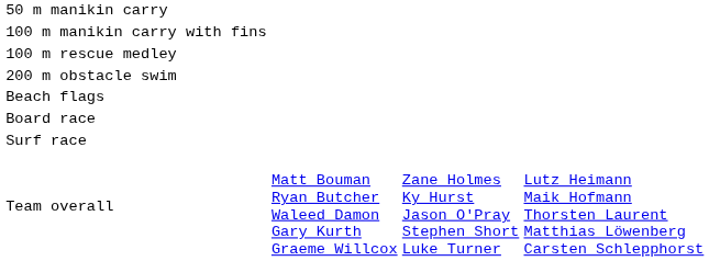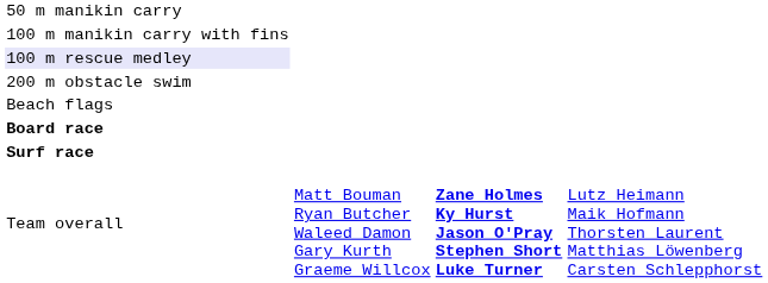 <table>
 <tr>
 <td>50 m manikin carry<br></td>
 <td></td>
 <td></td>
 <td></td>
 </tr>
 <tr>
 <td>100 m manikin carry with fins<br></td>
 <td></td>
 <td></td>
 <td></td>
 </tr>
 <tr>
-<td>100 m rescue medley<br></td>
+<td style="background: lavender;">100 m rescue medley<br></td>
 <td></td>
 <td></td>
 <td></td>
 </tr>
 <tr>
 <td>200 m obstacle swim<br></td>
 <td></td>
 <td></td>
 <td></td>
 </tr>
 <tr>
 <td>Beach flags<br></td>
 <td></td>
 <td></td>
 <td></td>
 </tr>
 <tr>
-<td>Board race<br></td>
+<td><strong>Board race<br></strong></td>
 <td></td>
 <td></td>
 <td></td>
 </tr>
 <tr>
-<td>Surf race<br></td>
+<td><strong>Surf race<br></strong></td>
 <td></td>
 <td></td>
 <td></td>
 </tr>
 <tr>
 <td>Team overall<br></td>
 <td><br><a href='#'>Matt Bouman</a><br><a href='#'>Ryan Butcher</a><br><a href='#'>Waleed Damon</a><br><a href='#'>Gary Kurth</a><br><a href='#'>Graeme Willcox</a></td>
-<td><br><a href='#'>Zane Holmes</a><br><a href='#'>Ky Hurst</a><br><a href='#'>Jason O'Pray</a><br><a href='#'>Stephen Short</a><br><a href='#'>Luke Turner</a></td>
+<td><strong><br><a href='#'>Zane Holmes</a><br><a href='#'>Ky Hurst</a><br><a href='#'>Jason O'Pray</a><br><a href='#'>Stephen Short</a><br><a href='#'>Luke Turner</a></strong></td>
 <td><br><a href='#'>Lutz Heimann</a><br><a href='#'>Maik Hofmann</a><br><a href='#'>Thorsten Laurent</a><br><a href='#'>Matthias Löwenberg</a><br><a href='#'>Carsten Schlepphorst</a></td>
 </tr>
 </table>
